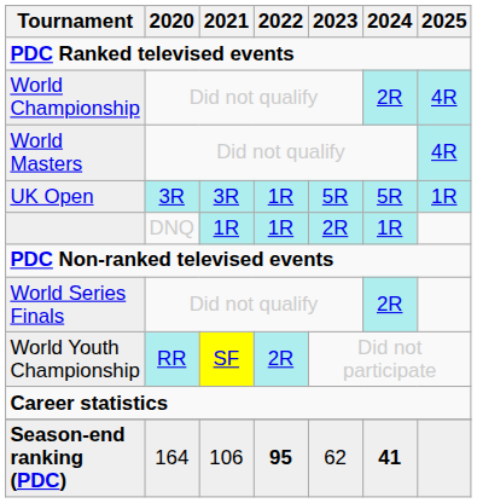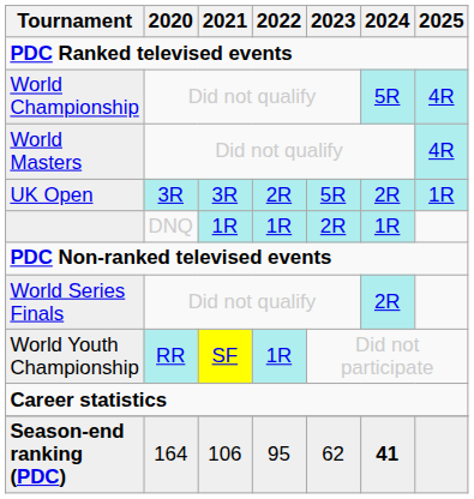 <table class="wikitable" style="width:20%; margin:0">
 <tr>
 <th>Tournament</th>
 <th>2020</th>
 <th>2021</th>
 <th>2022</th>
 <th>2023</th>
 <th>2024</th>
 <th>2025</th>
 </tr>
 <tr>
 <td colspan="10" style="text-align:left"><strong><a href='#'>PDC</a> Ranked televised events</strong></td>
 </tr>
 <tr>
 <td style="background:#efefef;"><a href='#'>World Championship</a></td>
 <td colspan="4" style="text-align:center; color:#ccc;">Did not qualify</td>
-<td style="text-align:center; background:#afeeee;"><a href='#'>2R</a></td>
+<td style="text-align:center; background:#afeeee;"><a href='#'>5R</a></td>
 <td style="text-align:center; background:#afeeee;"><a href='#'>4R</a></td>
 </tr>
 <tr>
 <td style="background:#efefef;"><a href='#'>World Masters</a></td>
 <td colspan="5" style="text-align:center; color:#ccc;">Did not qualify</td>
 <td style="text-align:center; background:#afeeee;"><a href='#'>4R</a></td>
 </tr>
 <tr>
 <td style="background:#efefef;"><a href='#'>UK Open</a></td>
 <td style="text-align:center; background:#afeeee;"><a href='#'>3R</a></td>
 <td style="text-align:center; background:#afeeee;"><a href='#'>3R</a></td>
-<td style="text-align:center; background:#afeeee;"><a href='#'>1R</a></td>
+<td style="text-align:center; background:#afeeee;"><a href='#'>2R</a></td>
 <td style="text-align:center; background:#afeeee;"><a href='#'>5R</a></td>
-<td style="text-align:center; background:#afeeee;"><a href='#'>5R</a></td>
+<td style="text-align:center; background:#afeeee;"><a href='#'>2R</a></td>
 <td style="text-align:center; background:#afeeee;"><a href='#'>1R</a></td>
 </tr>
 <tr>
 <td style="background:#efefef;"></td>
 <td style="text-align:center; color:#ccc;">DNQ</td>
 <td style="text-align:center; background:#afeeee;"><a href='#'>1R</a></td>
 <td style="text-align:center; background:#afeeee;"><a href='#'>1R</a></td>
 <td style="text-align:center; background:#afeeee;"><a href='#'>2R</a></td>
 <td style="text-align:center; background:#afeeee;"><a href='#'>1R</a></td>
 <td></td>
 </tr>
 <tr>
 <td colspan="10" style="text-align:left"><strong><a href='#'>PDC</a> Non-ranked televised events</strong></td>
 </tr>
 <tr>
 <td style="background:#efefef;"><a href='#'>World Series Finals</a></td>
 <td colspan="4" style="text-align:center; color:#ccc;">Did not qualify</td>
 <td style="text-align:center; background:#afeeee;"><a href='#'>2R</a></td>
 <td></td>
 </tr>
 <tr>
 <td style="background:#efefef;">World Youth Championship</td>
 <td style="text-align:center; background:#afeeee;"><a href='#'>RR</a></td>
 <td style="text-align:center; background:yellow;"><a href='#'>SF</a></td>
-<td style="text-align:center; background:#afeeee;"><a href='#'>2R</a></td>
+<td style="text-align:center; background:#afeeee;"><a href='#'>1R</a></td>
 <td colspan="3" style="text-align:center; color:#ccc;">Did not participate</td>
 </tr>
 <tr>
 <td colspan="10" style="text-align:left"><strong>Career statistics</strong></td>
 </tr>
 <tr>
 </tr>
 <tr style="background:#efefef">
 <td style="text-align:left"><strong>Season-end ranking (<a href='#'>PDC</a>)</strong></td>
 <td style="text-align:center;">164</td>
 <td style="text-align:center;">106</td>
-<td style="text-align:center;"><strong>95</strong></td>
+<td style="text-align:center;">95</td>
 <td style="text-align:center;">62</td>
 <td style="text-align:center;"><strong>41</strong></td>
 <td></td>
 </tr>
 </table>
